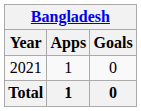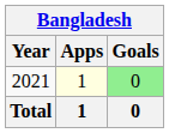 <table class="wikitable" style="text-align:center">
 <tr>
 <th colspan=11><a href='#'>Bangladesh</a></th>
 </tr>
 <tr>
 <th>Year</th>
 <th>Apps</th>
 <th>Goals</th>
 </tr>
 <tr>
 <td>2021</td>
-<td>1</td>
-<td>0</td>
+<td style="background: lightyellow;">1</td>
+<td style="background: lightgreen;">0</td>
 </tr>
 <tr>
 <th>Total</th>
 <th>1</th>
 <th>0</th>
 </tr>
 </table>
